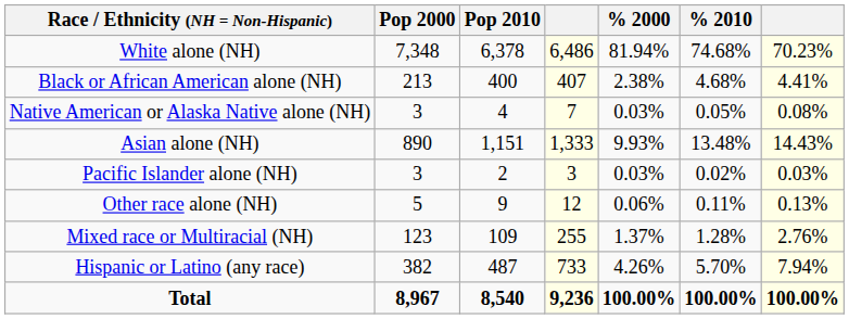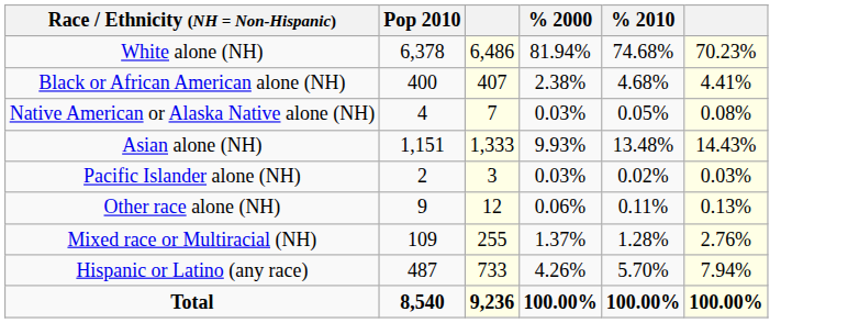 <table class="wikitable" style="text-align:center;">
 <tr>
 <th>Race / Ethnicity <small>(<em>NH = Non-Hispanic</em>)</small></th>
-<th>Pop 2000</th>
 <th>Pop 2010</th>
 <th></th>
 <th>% 2000</th>
 <th>% 2010</th>
 <th></th>
 </tr>
 <tr>
 <td><a href='#'>White</a> alone (NH)</td>
-<td>7,348</td>
 <td>6,378</td>
 <td style='background: #ffffe6;'>6,486</td>
 <td>81.94%</td>
 <td>74.68%</td>
 <td style='background: #ffffe6;'>70.23%</td>
 </tr>
 <tr>
 <td><a href='#'>Black or African American</a> alone (NH)</td>
-<td>213</td>
 <td>400</td>
 <td style='background: #ffffe6;'>407</td>
 <td>2.38%</td>
 <td>4.68%</td>
 <td style='background: #ffffe6;'>4.41%</td>
 </tr>
 <tr>
 <td><a href='#'>Native American</a> or <a href='#'>Alaska Native</a> alone (NH)</td>
-<td>3</td>
 <td>4</td>
 <td style='background: #ffffe6;'>7</td>
 <td>0.03%</td>
 <td>0.05%</td>
 <td style='background: #ffffe6;'>0.08%</td>
 </tr>
 <tr>
 <td><a href='#'>Asian</a> alone (NH)</td>
-<td>890</td>
 <td>1,151</td>
 <td style='background: #ffffe6;'>1,333</td>
 <td>9.93%</td>
 <td>13.48%</td>
 <td style='background: #ffffe6;'>14.43%</td>
 </tr>
 <tr>
 <td><a href='#'>Pacific Islander</a> alone (NH)</td>
-<td>3</td>
 <td>2</td>
 <td style='background: #ffffe6;'>3</td>
 <td>0.03%</td>
 <td>0.02%</td>
 <td style='background: #ffffe6;'>0.03%</td>
 </tr>
 <tr>
 <td><a href='#'>Other race</a> alone (NH)</td>
-<td>5</td>
 <td>9</td>
 <td style='background: #ffffe6;'>12</td>
 <td>0.06%</td>
 <td>0.11%</td>
 <td style='background: #ffffe6;'>0.13%</td>
 </tr>
 <tr>
 <td><a href='#'>Mixed race or Multiracial</a> (NH)</td>
-<td>123</td>
 <td>109</td>
 <td style='background: #ffffe6;'>255</td>
 <td>1.37%</td>
 <td>1.28%</td>
 <td style='background: #ffffe6;'>2.76%</td>
 </tr>
 <tr>
 <td><a href='#'>Hispanic or Latino</a> (any race)</td>
-<td>382</td>
 <td>487</td>
 <td style='background: #ffffe6;'>733</td>
 <td>4.26%</td>
 <td>5.70%</td>
 <td style='background: #ffffe6;'>7.94%</td>
 </tr>
 <tr>
 <td><strong>Total</strong></td>
-<td><strong>8,967</strong></td>
 <td><strong>8,540</strong></td>
 <td style='background: #ffffe6;'><strong>9,236</strong></td>
 <td><strong>100.00%</strong></td>
 <td><strong>100.00%</strong></td>
 <td style='background: #ffffe6;'><strong>100.00%</strong></td>
 </tr>
 </table>
